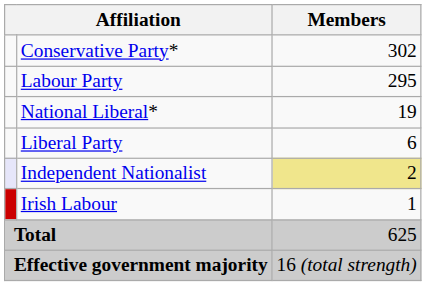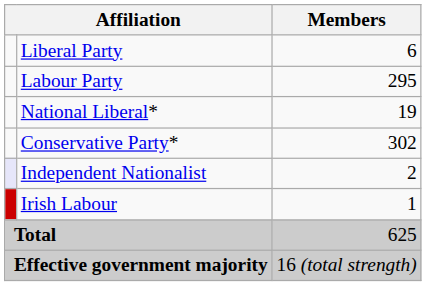 <table class="wikitable">
 <tr>
 <th colspan="2">Affiliation</th>
 <th>Members</th>
 </tr>
 <tr>
 <td style="color:inherit;background:"></td>
-<td><a href='#'>Conservative Party</a>*</td>
-<td align="right">302</td>
+<td><a href='#'>Liberal Party</a></td>
+<td align="right">6</td>
 </tr>
 <tr>
 <td style="color:inherit;background:"></td>
 <td><a href='#'>Labour Party</a></td>
 <td align="right">295</td>
 </tr>
 <tr>
 <td style="color:inherit;background:"></td>
 <td><a href='#'>National Liberal</a>*</td>
 <td align="right">19</td>
 </tr>
 <tr>
 <td style="color:inherit;background:"></td>
-<td><a href='#'>Liberal Party</a></td>
-<td align="right">6</td>
+<td><a href='#'>Conservative Party</a>*</td>
+<td align="right">302</td>
 </tr>
 <tr>
 <td bgcolor="E6E6FA"></td>
 <td><a href='#'>Independent Nationalist</a></td>
-<td align="right" style="background: khaki;">2</td>
+<td align="right">2</td>
 </tr>
 <tr>
 <td bgcolor="CC0000"></td>
 <td><a href='#'>Irish Labour</a></td>
 <td align="right">1</td>
 </tr>
 <tr bgcolor="CCCCCC">
 <td colspan="2" rowspan="1"> <strong>Total</strong></td>
 <td align="right">625</td>
 </tr>
 <tr bgcolor="CCCCCC">
 <td colspan="2" rowspan="1"> <strong>Effective government majority</strong></td>
 <td align="right">16 <em>(total strength)</em></td>
 </tr>
 </table>
